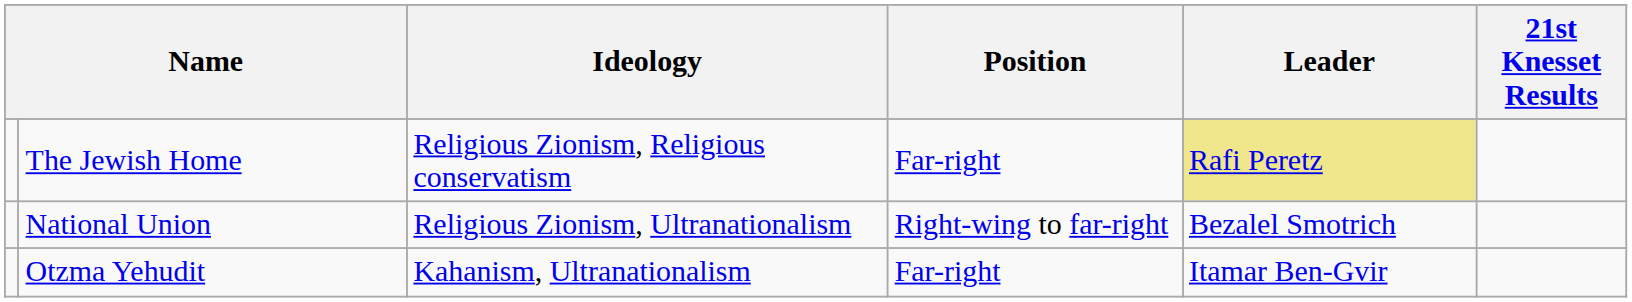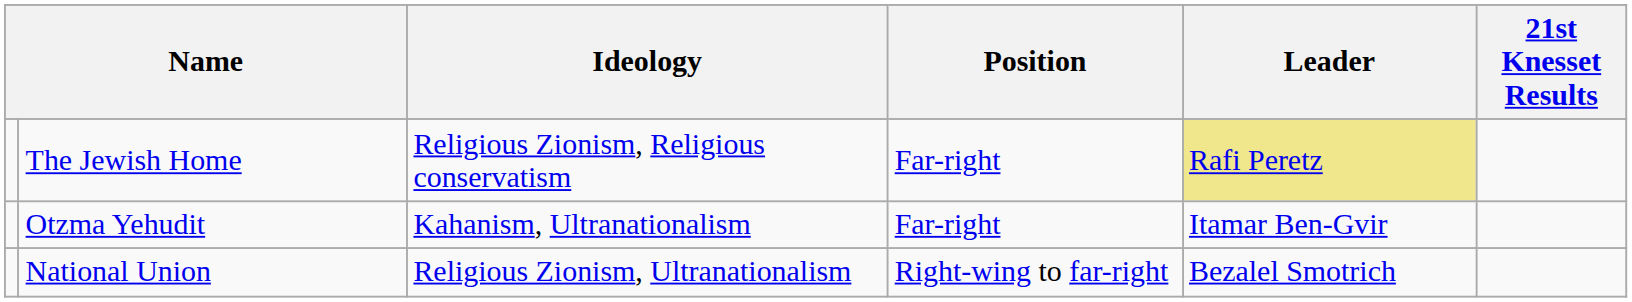 <table class="wikitable">
 <tr>
 <th colspan=2>Name</th>
 <th>Ideology</th>
 <th>Position</th>
 <th>Leader</th>
 <th><a href='#'>21st Knesset Results</a></th>
 </tr>
 <tr>
 <td style="background:"></td>
 <td style="width:200px"><a href='#'>The Jewish Home</a></td>
 <td style="width:250px"><a href='#'>Religious Zionism</a>, <a href='#'>Religious conservatism</a></td>
 <td style="width:150px"><a href='#'>Far-right</a></td>
 <td style="background: khaki; width:150px"><a href='#'>Rafi Peretz</a></td>
 <td></td>
 </tr>
 <tr>
 <td style="background:"></td>
+<td style="width:200px"><a href='#'>Otzma Yehudit</a></td>
+<td style="width:250px"><a href='#'>Kahanism</a>, <a href='#'>Ultranationalism</a></td>
+<td style="width:150px"><a href='#'>Far-right</a></td>
+<td style="width:150px"><a href='#'>Itamar Ben-Gvir</a></td>
+<td></td>
+</tr>
+<tr>
+<td style="background:"></td>
 <td style="width:200px"><a href='#'>National Union</a></td>
 <td style="width:250px"><a href='#'>Religious Zionism</a>, <a href='#'>Ultranationalism</a></td>
 <td style="width:150px"><a href='#'>Right-wing</a> to <a href='#'>far-right</a></td>
 <td style="width:150px"><a href='#'>Bezalel Smotrich</a></td>
 <td></td>
 </tr>
-<tr>
-<td style="background:"></td>
-<td style="width:200px"><a href='#'>Otzma Yehudit</a></td>
-<td style="width:250px"><a href='#'>Kahanism</a>, <a href='#'>Ultranationalism</a></td>
-<td style="width:150px"><a href='#'>Far-right</a></td>
-<td style="width:150px"><a href='#'>Itamar Ben-Gvir</a></td>
-<td></td>
-</tr>
 </table>
